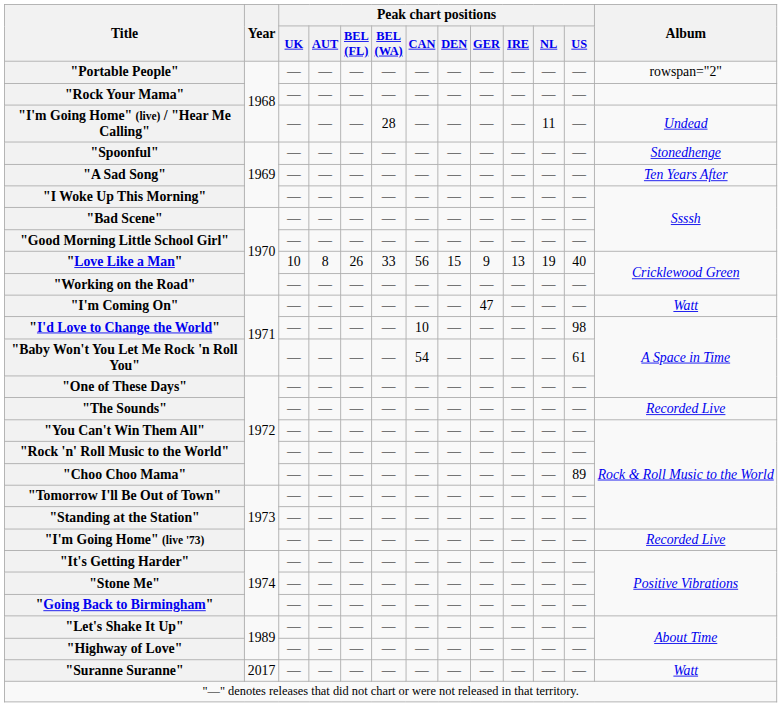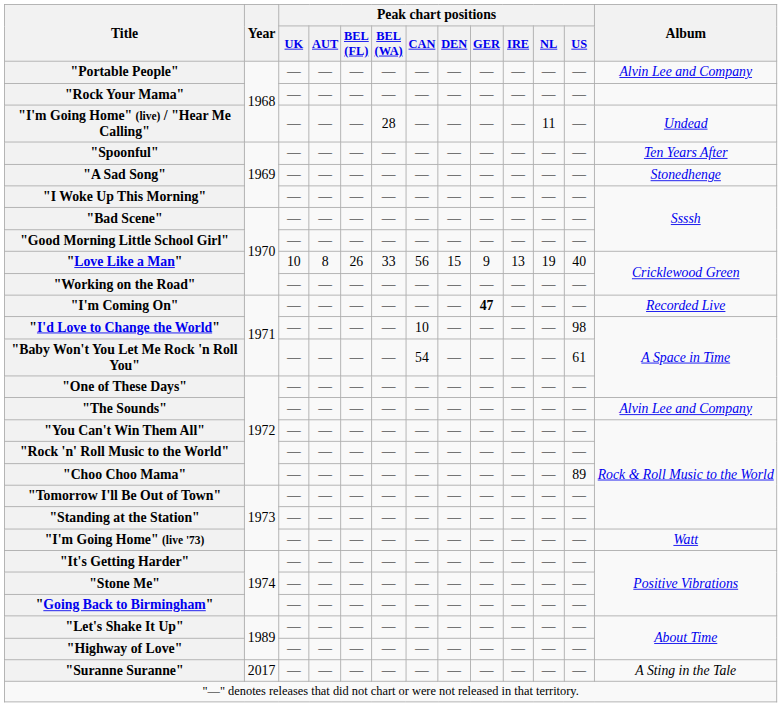 <table class="wikitable plainrowheaders" style="text-align:center;">
 <tr>
 <th rowspan="2" scope="col" style="width:17em;">Title</th>
 <th rowspan="2" scope="col" style="width:2em;">Year</th>
 <th colspan="10">Peak chart positions</th>
 <th rowspan="2">Album</th>
 </tr>
 <tr>
 <th scope="col" style="width:2em;font-size:90%;"><a href='#'>UK</a><br></th>
 <th scope="col" style="width:2em;font-size:90%;"><a href='#'>AUT</a><br></th>
 <th scope="col" style="width:2em;font-size:90%;"><a href='#'>BEL<br>(FL)</a><br></th>
 <th scope="col" style="width:2em;font-size:90%;"><a href='#'>BEL<br>(WA)</a><br></th>
 <th scope="col" style="width:2em;font-size:90%;"><a href='#'>CAN</a><br></th>
 <th scope="col" style="width:2em;font-size:90%;"><a href='#'>DEN</a><br></th>
 <th scope="col" style="width:2em;font-size:90%;"><a href='#'>GER</a><br></th>
 <th scope="col" style="width:2em;font-size:90%;"><a href='#'>IRE</a><br></th>
 <th scope="col" style="width:2em;font-size:90%;"><a href='#'>NL</a><br></th>
 <th scope="col" style="width:2em;font-size:90%;"><a href='#'>US</a><br></th>
 </tr>
 <tr>
 <th scope="row">"Portable People"</th>
 <td rowspan="3">1968</td>
 <td>—</td>
 <td>—</td>
 <td>—</td>
 <td>—</td>
 <td>—</td>
 <td>—</td>
 <td>—</td>
 <td>—</td>
 <td>—</td>
 <td>—</td>
-<td>rowspan="2" </td>
+<td><em><a href='#'>Alvin Lee and Company</a></em></td>
 </tr>
 <tr>
 <th scope="row">"Rock Your Mama" </th>
 <td>—</td>
 <td>—</td>
 <td>—</td>
 <td>—</td>
 <td>—</td>
 <td>—</td>
 <td>—</td>
 <td>—</td>
 <td>—</td>
 <td>—</td>
 </tr>
 <tr>
 <th scope="row">"I'm Going Home" <small>(live)</small> / "Hear Me Calling" </th>
 <td>—</td>
 <td>—</td>
 <td>—</td>
 <td>28</td>
 <td>—</td>
 <td>—</td>
 <td>—</td>
 <td>—</td>
 <td>11</td>
 <td>—</td>
 <td><em><a href='#'>Undead</a></em></td>
 </tr>
 <tr>
 <th scope="row">"Spoonful" </th>
 <td rowspan="3">1969</td>
 <td>—</td>
 <td>—</td>
 <td>—</td>
 <td>—</td>
 <td>—</td>
 <td>—</td>
 <td>—</td>
 <td>—</td>
 <td>—</td>
 <td>—</td>
-<td><em><a href='#'>Stonedhenge</a></em></td>
+<td><em><a href='#'>Ten Years After</a></em></td>
 </tr>
 <tr>
 <th scope="row">"A Sad Song" </th>
 <td>—</td>
 <td>—</td>
 <td>—</td>
 <td>—</td>
 <td>—</td>
 <td>—</td>
 <td>—</td>
 <td>—</td>
 <td>—</td>
 <td>—</td>
-<td><em><a href='#'>Ten Years After</a></em></td>
+<td><em><a href='#'>Stonedhenge</a></em></td>
 </tr>
 <tr>
 <th scope="row">"I Woke Up This Morning" </th>
 <td>—</td>
 <td>—</td>
 <td>—</td>
 <td>—</td>
 <td>—</td>
 <td>—</td>
 <td>—</td>
 <td>—</td>
 <td>—</td>
 <td>—</td>
 <td rowspan="3"><em><a href='#'>Ssssh</a></em></td>
 </tr>
 <tr>
 <th scope="row">"Bad Scene" </th>
 <td rowspan="4">1970</td>
 <td>—</td>
 <td>—</td>
 <td>—</td>
 <td>—</td>
 <td>—</td>
 <td>—</td>
 <td>—</td>
 <td>—</td>
 <td>—</td>
 <td>—</td>
 </tr>
 <tr>
 <th scope="row">"Good Morning Little School Girl" </th>
 <td>—</td>
 <td>—</td>
 <td>—</td>
 <td>—</td>
 <td>—</td>
 <td>—</td>
 <td>—</td>
 <td>—</td>
 <td>—</td>
 <td>—</td>
 </tr>
 <tr>
 <th scope="row">"<a href='#'>Love Like a Man</a>"</th>
 <td>10</td>
 <td>8</td>
 <td>26</td>
 <td>33</td>
 <td>56</td>
 <td>15</td>
 <td>9</td>
 <td>13</td>
 <td>19</td>
 <td>40</td>
 <td rowspan="2"><em><a href='#'>Cricklewood Green</a></em></td>
 </tr>
 <tr>
 <th scope="row">"Working on the Road" </th>
 <td>—</td>
 <td>—</td>
 <td>—</td>
 <td>—</td>
 <td>—</td>
 <td>—</td>
 <td>—</td>
 <td>—</td>
 <td>—</td>
 <td>—</td>
 </tr>
 <tr>
 <th scope="row">"I'm Coming On" </th>
 <td rowspan="3">1971</td>
 <td>—</td>
 <td>—</td>
 <td>—</td>
 <td>—</td>
 <td>—</td>
 <td>—</td>
-<td>47</td>
+<td><strong>47</strong></td>
 <td>—</td>
 <td>—</td>
 <td>—</td>
-<td><em><a href='#'>Watt</a></em></td>
+<td><em><a href='#'>Recorded Live</a></em></td>
 </tr>
 <tr>
 <th scope="row">"<a href='#'>I'd Love to Change the World</a>" </th>
 <td>—</td>
 <td>—</td>
 <td>—</td>
 <td>—</td>
 <td>10</td>
 <td>—</td>
 <td>—</td>
 <td>—</td>
 <td>—</td>
 <td>98</td>
 <td rowspan="3"><em><a href='#'>A Space in Time</a></em></td>
 </tr>
 <tr>
 <th scope="row">"Baby Won't You Let Me Rock 'n Roll You" </th>
 <td>—</td>
 <td>—</td>
 <td>—</td>
 <td>—</td>
 <td>54<br></td>
 <td>—</td>
 <td>—</td>
 <td>—</td>
 <td>—</td>
 <td>61</td>
 </tr>
 <tr>
 <th scope="row">"One of These Days" </th>
 <td rowspan="5">1972</td>
 <td>—</td>
 <td>—</td>
 <td>—</td>
 <td>—</td>
 <td>—</td>
 <td>—</td>
 <td>—</td>
 <td>—</td>
 <td>—</td>
 <td>—</td>
 </tr>
 <tr>
 <th scope="row">"The Sounds" </th>
 <td>—</td>
 <td>—</td>
 <td>—</td>
 <td>—</td>
 <td>—</td>
 <td>—</td>
 <td>—</td>
 <td>—</td>
 <td>—</td>
 <td>—</td>
-<td><em><a href='#'>Recorded Live</a></em></td>
+<td><em><a href='#'>Alvin Lee and Company</a></em></td>
 </tr>
 <tr>
 <th scope="row">"You Can't Win Them All" </th>
 <td>—</td>
 <td>—</td>
 <td>—</td>
 <td>—</td>
 <td>—</td>
 <td>—</td>
 <td>—</td>
 <td>—</td>
 <td>—</td>
 <td>—</td>
 <td rowspan="5"><em><a href='#'>Rock & Roll Music to the World</a></em></td>
 </tr>
 <tr>
 <th scope="row">"Rock 'n' Roll Music to the World" </th>
 <td>—</td>
 <td>—</td>
 <td>—</td>
 <td>—</td>
 <td>—</td>
 <td>—</td>
 <td>—</td>
 <td>—</td>
 <td>—</td>
 <td>—</td>
 </tr>
 <tr>
 <th scope="row">"Choo Choo Mama" </th>
 <td>—</td>
 <td>—</td>
 <td>—</td>
 <td>—</td>
 <td>—</td>
 <td>—</td>
 <td>—</td>
 <td>—</td>
 <td>—</td>
 <td>89</td>
 </tr>
 <tr>
 <th scope="row">"Tomorrow I'll Be Out of Town" </th>
 <td rowspan="3">1973</td>
 <td>—</td>
 <td>—</td>
 <td>—</td>
 <td>—</td>
 <td>—</td>
 <td>—</td>
 <td>—</td>
 <td>—</td>
 <td>—</td>
 <td>—</td>
 </tr>
 <tr>
 <th scope="row">"Standing at the Station" </th>
 <td>—</td>
 <td>—</td>
 <td>—</td>
 <td>—</td>
 <td>—</td>
 <td>—</td>
 <td>—</td>
 <td>—</td>
 <td>—</td>
 <td>—</td>
 </tr>
 <tr>
 <th scope="row">"I'm Going Home" <small>(live '73)</small> </th>
 <td>—</td>
 <td>—</td>
 <td>—</td>
 <td>—</td>
 <td>—</td>
 <td>—</td>
 <td>—</td>
 <td>—</td>
 <td>—</td>
 <td>—</td>
-<td><em><a href='#'>Recorded Live</a></em></td>
+<td><em><a href='#'>Watt</a></em></td>
 </tr>
 <tr>
 <th scope="row">"It's Getting Harder" </th>
 <td rowspan="3">1974</td>
 <td>—</td>
 <td>—</td>
 <td>—</td>
 <td>—</td>
 <td>—</td>
 <td>—</td>
 <td>—</td>
 <td>—</td>
 <td>—</td>
 <td>—</td>
 <td rowspan="3"><em><a href='#'>Positive Vibrations</a></em></td>
 </tr>
 <tr>
 <th scope="row">"Stone Me" </th>
 <td>—</td>
 <td>—</td>
 <td>—</td>
 <td>—</td>
 <td>—</td>
 <td>—</td>
 <td>—</td>
 <td>—</td>
 <td>—</td>
 <td>—</td>
 </tr>
 <tr>
 <th scope="row">"<a href='#'>Going Back to Birmingham</a>" </th>
 <td>—</td>
 <td>—</td>
 <td>—</td>
 <td>—</td>
 <td>—</td>
 <td>—</td>
 <td>—</td>
 <td>—</td>
 <td>—</td>
 <td>—</td>
 </tr>
 <tr>
 <th scope="row">"Let's Shake It Up" </th>
 <td rowspan="2">1989</td>
 <td>—</td>
 <td>—</td>
 <td>—</td>
 <td>—</td>
 <td>—</td>
 <td>—</td>
 <td>—</td>
 <td>—</td>
 <td>—</td>
 <td>—</td>
 <td rowspan="2"><em><a href='#'>About Time</a></em></td>
 </tr>
 <tr>
 <th scope="row">"Highway of Love"</th>
 <td>—</td>
 <td>—</td>
 <td>—</td>
 <td>—</td>
 <td>—</td>
 <td>—</td>
 <td>—</td>
 <td>—</td>
 <td>—</td>
 <td>—</td>
 </tr>
 <tr>
 <th scope="row">"Suranne Suranne"</th>
 <td>2017</td>
 <td>—</td>
 <td>—</td>
 <td>—</td>
 <td>—</td>
 <td>—</td>
 <td>—</td>
 <td>—</td>
 <td>—</td>
 <td>—</td>
 <td>—</td>
-<td><em><a href='#'>Watt</a></em></td>
+<td><em>A Sting in the Tale</em></td>
 </tr>
 <tr>
 <td colspan="13" style="font-size:90%">"—" denotes releases that did not chart or were not released in that territory.</td>
 </tr>
 </table>
